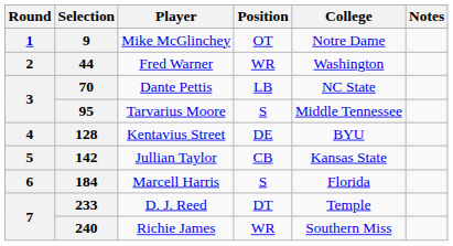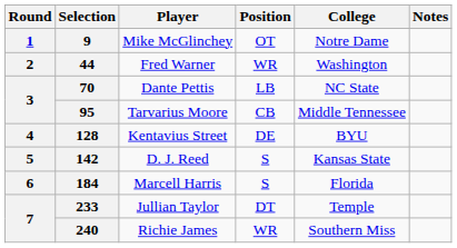 <table class="wikitable" style="text-align:center">
 <tr>
 <th>Round</th>
 <th>Selection</th>
 <th>Player</th>
 <th>Position</th>
 <th>College</th>
 <th>Notes</th>
 </tr>
 <tr>
 <th><a href='#'>1</a></th>
 <th>9</th>
 <td><a href='#'>Mike McGlinchey</a></td>
 <td><a href='#'>OT</a></td>
 <td><a href='#'>Notre Dame</a></td>
 <td></td>
 </tr>
 <tr>
 <th>2</th>
 <th>44</th>
 <td><a href='#'>Fred Warner</a></td>
 <td><a href='#'>WR</a></td>
 <td><a href='#'>Washington</a></td>
 <td></td>
 </tr>
 <tr>
 <th rowspan="2">3</th>
 <th>70</th>
 <td><a href='#'>Dante Pettis</a></td>
 <td><a href='#'>LB</a></td>
 <td><a href='#'>NC State</a></td>
 <td></td>
 </tr>
 <tr>
 <th>95</th>
 <td><a href='#'>Tarvarius Moore</a></td>
-<td><a href='#'>S</a></td>
+<td><a href='#'>CB</a></td>
 <td><a href='#'>Middle Tennessee</a></td>
 <td></td>
 </tr>
 <tr>
 <th>4</th>
 <th>128</th>
 <td><a href='#'>Kentavius Street</a></td>
 <td><a href='#'>DE</a></td>
 <td><a href='#'>BYU</a></td>
 <td></td>
 </tr>
 <tr>
 <th>5</th>
 <th>142</th>
-<td><a href='#'>Jullian Taylor</a></td>
-<td><a href='#'>CB</a></td>
+<td><a href='#'>D. J. Reed</a></td>
+<td><a href='#'>S</a></td>
 <td><a href='#'>Kansas State</a></td>
 <td></td>
 </tr>
 <tr>
 <th>6</th>
 <th>184</th>
 <td><a href='#'>Marcell Harris</a></td>
 <td><a href='#'>S</a></td>
 <td><a href='#'>Florida</a></td>
 <td></td>
 </tr>
 <tr>
 <th rowspan="2">7</th>
 <th>233</th>
-<td><a href='#'>D. J. Reed</a></td>
+<td><a href='#'>Jullian Taylor</a></td>
 <td><a href='#'>DT</a></td>
 <td><a href='#'>Temple</a></td>
 <td></td>
 </tr>
 <tr>
 <th>240</th>
 <td><a href='#'>Richie James</a></td>
 <td><a href='#'>WR</a></td>
 <td><a href='#'>Southern Miss</a></td>
 <td></td>
 </tr>
 </table>
